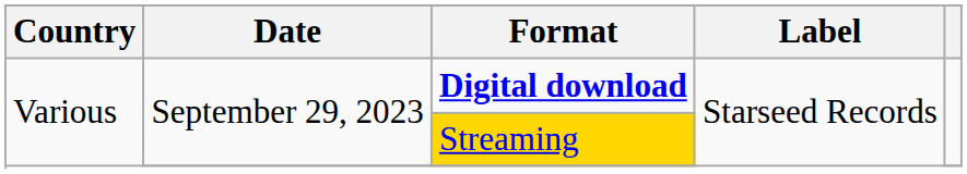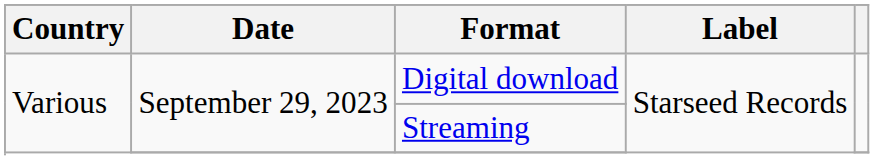 <table class="wikitable">
 <tr>
 <th>Country</th>
 <th>Date</th>
 <th>Format</th>
 <th>Label</th>
 <th></th>
 </tr>
 <tr>
 <td rowspan="3">Various</td>
 <td rowspan="2">September 29, 2023</td>
-<td><strong><a href='#'>Digital download</a></strong></td>
+<td><a href='#'>Digital download</a></td>
 <td rowspan="3">Starseed Records</td>
 <td rowspan="2"></td>
 </tr>
 <tr>
-<td style="background: gold;"><a href='#'>Streaming</a></td>
+<td><a href='#'>Streaming</a></td>
 </tr>
 <tr>
 </tr>
 </table>
